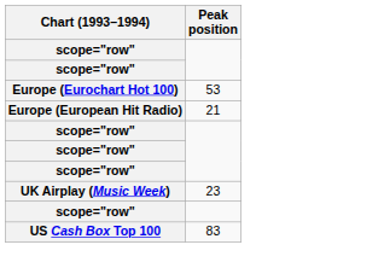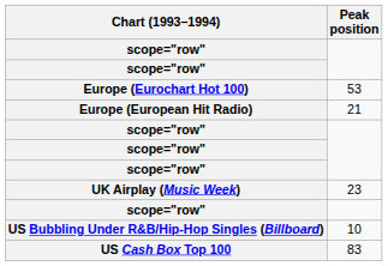 <table class="wikitable plainrowheaders sortable" style="text-align:center">
 <tr>
 <th scope="col">Chart (1993–1994)</th>
 <th scope="col">Peak<br>position</th>
 </tr>
 <tr>
 <th>scope="row" </th>
 </tr>
 <tr>
 <th>scope="row" </th>
 </tr>
 <tr>
 <th scope="row">Europe (<a href='#'>Eurochart Hot 100</a>)</th>
 <td>53</td>
 </tr>
 <tr>
 <th scope="row">Europe (European Hit Radio)</th>
 <td>21</td>
 </tr>
 <tr>
 <th>scope="row" </th>
 </tr>
 <tr>
 <th>scope="row" </th>
 </tr>
 <tr>
 <th>scope="row" </th>
 </tr>
 <tr>
 <th scope="row">UK Airplay (<em><a href='#'>Music Week</a></em>)</th>
 <td>23</td>
 </tr>
 <tr>
 <th>scope="row" </th>
 </tr>
 <tr>
+<th scope="row">US <a href='#'>Bubbling Under R&B/Hip-Hop Singles</a> (<em><a href='#'>Billboard</a></em>)</th>
+<td>10</td>
+</tr>
+<tr>
 <th scope="row">US <a href='#'><em>Cash Box</em> Top 100</a></th>
 <td>83</td>
 </tr>
 </table>
